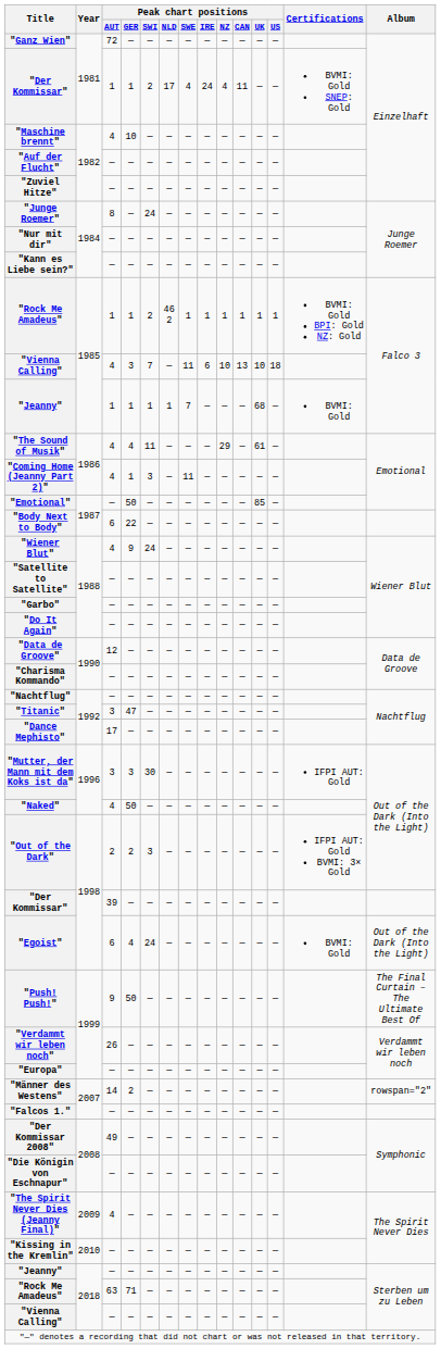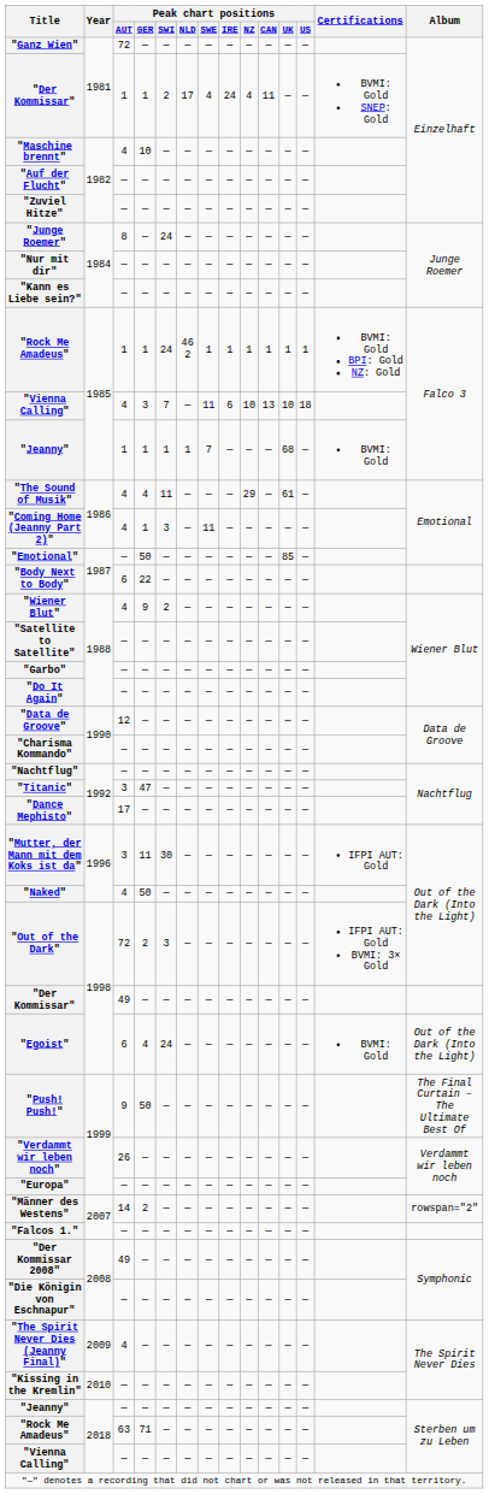 <table class="wikitable plainrowheaders" style="text-align:center;">
 <tr>
 <th scope="col" rowspan="2" style="width:22.5em;">Title</th>
 <th scope="col" rowspan="2" style="width:1em;">Year</th>
 <th scope="col" colspan="10">Peak chart positions</th>
 <th scope="col" rowspan="2" style="width:13em;"><a href='#'>Certifications</a></th>
 <th scope="col" rowspan="2" style="width:16.5em;">Album</th>
 </tr>
 <tr>
 <th scope="col" style="width:2.5em;font-size:90%"><a href='#'>AUT</a><br></th>
 <th scope="col" style="width:2.5em;font-size:90%"><a href='#'>GER</a><br></th>
 <th scope="col" style="width:2.5em;font-size:90%"><a href='#'>SWI</a><br></th>
 <th scope="col" style="width:2.5em;font-size:90%"><a href='#'>NLD</a><br></th>
 <th scope="col" style="width:2.5em;font-size:90%"><a href='#'>SWE</a><br></th>
 <th scope="col" style="width:2.5em;font-size:90%"><a href='#'>IRE</a><br></th>
 <th scope="col" style="width:2.5em;font-size:90%"><a href='#'>NZ</a><br></th>
 <th scope="col" style="width:2.5em;font-size:90%"><a href='#'>CAN</a><br></th>
 <th scope="col" style="width:2.5em;font-size:90%"><a href='#'>UK</a><br></th>
 <th scope="col" style="width:2.5em;font-size:90%"><a href='#'>US</a><br></th>
 </tr>
 <tr>
 <th scope="row">"<a href='#'>Ganz Wien</a>"</th>
 <td rowspan="2">1981</td>
 <td>72</td>
 <td>—</td>
 <td>—</td>
 <td>—</td>
 <td>—</td>
 <td>—</td>
 <td>—</td>
 <td>—</td>
 <td>—</td>
 <td>—</td>
 <td></td>
 <td rowspan="5"><em>Einzelhaft</em></td>
 </tr>
 <tr>
 <th scope="row">"<a href='#'>Der Kommissar</a>"</th>
 <td>1</td>
 <td>1</td>
 <td>2</td>
 <td>17</td>
 <td>4</td>
 <td>24</td>
 <td>4</td>
 <td>11</td>
 <td>—</td>
 <td>—</td>
 <td><br><ul><li>BVMI: Gold</li><li><a href='#'>SNEP</a>: Gold</li></ul></td>
 </tr>
 <tr>
 <th scope="row">"<a href='#'>Maschine brennt</a>"</th>
 <td rowspan="3">1982</td>
 <td>4</td>
 <td>10</td>
 <td>—</td>
 <td>—</td>
 <td>—</td>
 <td>—</td>
 <td>—</td>
 <td>—</td>
 <td>—</td>
 <td>—</td>
 <td></td>
 </tr>
 <tr>
 <th scope="row">"<a href='#'>Auf der Flucht</a>"</th>
 <td>—</td>
 <td>—</td>
 <td>—</td>
 <td>—</td>
 <td>—</td>
 <td>—</td>
 <td>—</td>
 <td>—</td>
 <td>—</td>
 <td>—</td>
 <td></td>
 </tr>
 <tr>
 <th scope="row">"Zuviel Hitze"</th>
 <td>—</td>
 <td>—</td>
 <td>—</td>
 <td>—</td>
 <td>—</td>
 <td>—</td>
 <td>—</td>
 <td>—</td>
 <td>—</td>
 <td>—</td>
 <td></td>
 </tr>
 <tr>
 <th scope="row">"<a href='#'>Junge Roemer</a>"</th>
 <td rowspan="3">1984</td>
 <td>8</td>
 <td>—</td>
 <td>24</td>
 <td>—</td>
 <td>—</td>
 <td>—</td>
 <td>—</td>
 <td>—</td>
 <td>—</td>
 <td>—</td>
 <td></td>
 <td rowspan="3"><em>Junge Roemer</em></td>
 </tr>
 <tr>
 <th scope="row">"Nur mit dir"</th>
 <td>—</td>
 <td>—</td>
 <td>—</td>
 <td>—</td>
 <td>—</td>
 <td>—</td>
 <td>—</td>
 <td>—</td>
 <td>—</td>
 <td>—</td>
 <td></td>
 </tr>
 <tr>
 <th scope="row">"Kann es Liebe sein?"<br></th>
 <td>—</td>
 <td>—</td>
 <td>—</td>
 <td>—</td>
 <td>—</td>
 <td>—</td>
 <td>—</td>
 <td>—</td>
 <td>—</td>
 <td>—</td>
 <td></td>
 </tr>
 <tr>
 <th scope="row">"<a href='#'>Rock Me Amadeus</a>"</th>
 <td rowspan="3">1985</td>
 <td>1</td>
 <td>1</td>
-<td>2</td>
+<td>24</td>
 <td>46<br>2</td>
 <td>1</td>
 <td>1</td>
 <td>1</td>
 <td>1</td>
 <td>1</td>
 <td>1</td>
 <td><br><ul><li>BVMI: Gold</li><li><a href='#'>BPI</a>: Gold</li><li><a href='#'>NZ</a>: Gold</li></ul></td>
 <td rowspan="3"><em>Falco 3</em></td>
 </tr>
 <tr>
 <th scope="row">"<a href='#'>Vienna Calling</a>"</th>
 <td>4</td>
 <td>3</td>
 <td>7</td>
 <td>—</td>
 <td>11</td>
 <td>6</td>
 <td>10</td>
 <td>13</td>
 <td>10</td>
 <td>18</td>
 <td></td>
 </tr>
 <tr>
 <th scope="row">"<a href='#'>Jeanny</a>"</th>
 <td>1</td>
 <td>1</td>
 <td>1</td>
 <td>1</td>
 <td>7</td>
 <td>—</td>
 <td>—</td>
 <td>—</td>
 <td>68</td>
 <td>—</td>
 <td><br><ul><li>BVMI: Gold</li></ul></td>
 </tr>
 <tr>
 <th scope="row">"<a href='#'>The Sound of Musik</a>"</th>
 <td rowspan="2">1986</td>
 <td>4</td>
 <td>4</td>
 <td>11</td>
 <td>—</td>
 <td>—</td>
 <td>—</td>
 <td>29</td>
 <td>—</td>
 <td>61</td>
 <td>—</td>
 <td></td>
 <td rowspan="3"><em>Emotional</em></td>
 </tr>
 <tr>
 <th scope="row">"<a href='#'>Coming Home (Jeanny Part 2)</a>"</th>
 <td>4</td>
 <td>1</td>
 <td>3</td>
 <td>—</td>
 <td>11</td>
 <td>—</td>
 <td>—</td>
 <td>—</td>
 <td>—</td>
 <td>—</td>
 <td></td>
 </tr>
 <tr>
 <th scope="row">"<a href='#'>Emotional</a>"</th>
 <td rowspan="2">1987</td>
 <td>—</td>
 <td>50</td>
 <td>—</td>
 <td>—</td>
 <td>—</td>
 <td>—</td>
 <td>—</td>
 <td>—</td>
 <td>85</td>
 <td>—</td>
 <td></td>
 </tr>
 <tr>
 <th scope="row">"<a href='#'>Body Next to Body</a>"<br></th>
 <td>6</td>
 <td>22</td>
 <td>—</td>
 <td>—</td>
 <td>—</td>
 <td>—</td>
 <td>—</td>
 <td>—</td>
 <td>—</td>
 <td>—</td>
 <td></td>
 <td></td>
 </tr>
 <tr>
 <th scope="row">"<a href='#'>Wiener Blut</a>"</th>
 <td rowspan="4">1988</td>
 <td>4</td>
 <td>9</td>
-<td>24</td>
+<td>2</td>
 <td>—</td>
 <td>—</td>
 <td>—</td>
 <td>—</td>
 <td>—</td>
 <td>—</td>
 <td>—</td>
 <td></td>
 <td rowspan="4"><em>Wiener Blut</em></td>
 </tr>
 <tr>
 <th scope="row">"Satellite to Satellite"</th>
 <td>—</td>
 <td>—</td>
 <td>—</td>
 <td>—</td>
 <td>—</td>
 <td>—</td>
 <td>—</td>
 <td>—</td>
 <td>—</td>
 <td>—</td>
 <td></td>
 </tr>
 <tr>
 <th scope="row">"Garbo"</th>
 <td>—</td>
 <td>—</td>
 <td>—</td>
 <td>—</td>
 <td>—</td>
 <td>—</td>
 <td>—</td>
 <td>—</td>
 <td>—</td>
 <td>—</td>
 </tr>
 <tr>
 <th scope="row">"<a href='#'>Do It Again</a>"</th>
 <td>—</td>
 <td>—</td>
 <td>—</td>
 <td>—</td>
 <td>—</td>
 <td>—</td>
 <td>—</td>
 <td>—</td>
 <td>—</td>
 <td>—</td>
 <td></td>
 </tr>
 <tr>
 <th scope="row">"<a href='#'>Data de Groove</a>"</th>
 <td rowspan="2">1990</td>
 <td>12</td>
 <td>—</td>
 <td>—</td>
 <td>—</td>
 <td>—</td>
 <td>—</td>
 <td>—</td>
 <td>—</td>
 <td>—</td>
 <td>—</td>
 <td></td>
 <td rowspan="2"><em>Data de Groove</em></td>
 </tr>
 <tr>
 <th scope="row">"Charisma Kommando"</th>
 <td>—</td>
 <td>—</td>
 <td>—</td>
 <td>—</td>
 <td>—</td>
 <td>—</td>
 <td>—</td>
 <td>—</td>
 <td>—</td>
 <td>—</td>
 <td></td>
 </tr>
 <tr>
 <th scope="row">"Nachtflug"</th>
 <td rowspan="3">1992</td>
 <td>—</td>
 <td>—</td>
 <td>—</td>
 <td>—</td>
 <td>—</td>
 <td>—</td>
 <td>—</td>
 <td>—</td>
 <td>—</td>
 <td>—</td>
 <td></td>
 <td rowspan="3"><em>Nachtflug</em></td>
 </tr>
 <tr>
 <th scope="row">"<a href='#'>Titanic</a>"</th>
 <td>3</td>
 <td>47</td>
 <td>—</td>
 <td>—</td>
 <td>—</td>
 <td>—</td>
 <td>—</td>
 <td>—</td>
 <td>—</td>
 <td>—</td>
 <td></td>
 </tr>
 <tr>
 <th scope="row">"<a href='#'>Dance Mephisto</a>"</th>
 <td>17</td>
 <td>—</td>
 <td>—</td>
 <td>—</td>
 <td>—</td>
 <td>—</td>
 <td>—</td>
 <td>—</td>
 <td>—</td>
 <td>—</td>
 <td></td>
 </tr>
 <tr>
 <th scope="row">"<a href='#'>Mutter, der Mann mit dem Koks ist da</a>"</th>
 <td rowspan="2">1996</td>
 <td>3</td>
-<td>3</td>
+<td>11</td>
 <td>30</td>
 <td>—</td>
 <td>—</td>
 <td>—</td>
 <td>—</td>
 <td>—</td>
 <td>—</td>
 <td>—</td>
 <td><br><ul><li>IFPI AUT: Gold</li></ul></td>
 <td rowspan="3"><em>Out of the Dark (Into the Light)</em></td>
 </tr>
 <tr>
 <th scope="row">"<a href='#'>Naked</a>"</th>
 <td>4</td>
 <td>50</td>
 <td>—</td>
 <td>—</td>
 <td>—</td>
 <td>—</td>
 <td>—</td>
 <td>—</td>
 <td>—</td>
 <td>—</td>
 <td></td>
 </tr>
 <tr>
 <th scope="row">"<a href='#'>Out of the Dark</a>"</th>
 <td rowspan="3">1998</td>
-<td>2</td>
+<td>72</td>
 <td>2</td>
 <td>3</td>
 <td>—</td>
 <td>—</td>
 <td>—</td>
 <td>—</td>
 <td>—</td>
 <td>—</td>
 <td>—</td>
 <td><br><ul><li>IFPI AUT: Gold</li><li>BVMI: 3× Gold</li></ul></td>
 </tr>
 <tr>
 <th scope="row">"Der Kommissar"<br></th>
-<td>39</td>
+<td>49</td>
 <td>—</td>
 <td>—</td>
 <td>—</td>
 <td>—</td>
 <td>—</td>
 <td>—</td>
 <td>—</td>
 <td>—</td>
 <td>—</td>
 <td></td>
 <td></td>
 </tr>
 <tr>
 <th scope="row">"<a href='#'>Egoist</a>"</th>
 <td>6</td>
 <td>4</td>
 <td>24</td>
 <td>—</td>
 <td>—</td>
 <td>—</td>
 <td>—</td>
 <td>—</td>
 <td>—</td>
 <td>—</td>
 <td><br><ul><li>BVMI: Gold</li></ul></td>
 <td><em>Out of the Dark (Into the Light)</em></td>
 </tr>
 <tr>
 <th scope="row">"<a href='#'>Push! Push!</a>"</th>
 <td rowspan="3">1999</td>
 <td>9</td>
 <td>50</td>
 <td>—</td>
 <td>—</td>
 <td>—</td>
 <td>—</td>
 <td>—</td>
 <td>—</td>
 <td>—</td>
 <td>—</td>
 <td></td>
 <td><em>The Final Curtain – The Ultimate Best Of</em></td>
 </tr>
 <tr>
 <th scope="row">"<a href='#'>Verdammt wir leben noch</a>"</th>
 <td>26</td>
 <td>—</td>
 <td>—</td>
 <td>—</td>
 <td>—</td>
 <td>—</td>
 <td>—</td>
 <td>—</td>
 <td>—</td>
 <td>—</td>
 <td></td>
 <td rowspan="2"><em>Verdammt wir leben noch</em></td>
 </tr>
 <tr>
 <th scope="row">"Europa"</th>
 <td>—</td>
 <td>—</td>
 <td>—</td>
 <td>—</td>
 <td>—</td>
 <td>—</td>
 <td>—</td>
 <td>—</td>
 <td>—</td>
 <td>—</td>
 <td></td>
 </tr>
 <tr>
 <th scope="row">"Männer des Westens"<br></th>
 <td rowspan="2">2007</td>
 <td>14</td>
 <td>2</td>
 <td>—</td>
 <td>—</td>
 <td>—</td>
 <td>—</td>
 <td>—</td>
 <td>—</td>
 <td>—</td>
 <td>—</td>
 <td></td>
 <td>rowspan="2" </td>
 </tr>
 <tr>
 <th scope="row">"Falcos 1."<br></th>
 <td>—</td>
 <td>—</td>
 <td>—</td>
 <td>—</td>
 <td>—</td>
 <td>—</td>
 <td>—</td>
 <td>—</td>
 <td>—</td>
 <td>—</td>
 <td></td>
 </tr>
 <tr>
 <th scope="row">"Der Kommissar 2008"</th>
 <td rowspan="2">2008</td>
 <td>49</td>
 <td>—</td>
 <td>—</td>
 <td>—</td>
 <td>—</td>
 <td>—</td>
 <td>—</td>
 <td>—</td>
 <td>—</td>
 <td>—</td>
 <td></td>
 <td rowspan="2"><em>Symphonic</em></td>
 </tr>
 <tr>
 <th scope="row">"Die Königin von Eschnapur"</th>
 <td>—</td>
 <td>—</td>
 <td>—</td>
 <td>—</td>
 <td>—</td>
 <td>—</td>
 <td>—</td>
 <td>—</td>
 <td>—</td>
 <td>—</td>
 <td></td>
 </tr>
 <tr>
 <th scope="row">"<a href='#'>The Spirit Never Dies (Jeanny Final)</a>"</th>
 <td>2009</td>
 <td>4</td>
 <td>—</td>
 <td>—</td>
 <td>—</td>
 <td>—</td>
 <td>—</td>
 <td>—</td>
 <td>—</td>
 <td>—</td>
 <td>—</td>
 <td></td>
 <td rowspan="2"><em>The Spirit Never Dies</em></td>
 </tr>
 <tr>
 <th scope="row">"Kissing in the Kremlin"</th>
 <td>2010</td>
 <td>—</td>
 <td>—</td>
 <td>—</td>
 <td>—</td>
 <td>—</td>
 <td>—</td>
 <td>—</td>
 <td>—</td>
 <td>—</td>
 <td>—</td>
 <td></td>
 </tr>
 <tr>
 <th scope="row">"Jeanny"<br></th>
 <td rowspan="3">2018</td>
 <td>—</td>
 <td>—</td>
 <td>—</td>
 <td>—</td>
 <td>—</td>
 <td>—</td>
 <td>—</td>
 <td>—</td>
 <td>—</td>
 <td>—</td>
 <td></td>
 <td rowspan="3"><em>Sterben um zu Leben</em></td>
 </tr>
 <tr>
 <th scope="row">"Rock Me Amadeus"<br></th>
 <td>63</td>
 <td>71</td>
 <td>—</td>
 <td>—</td>
 <td>—</td>
 <td>—</td>
 <td>—</td>
 <td>—</td>
 <td>—</td>
 <td>—</td>
 <td></td>
 </tr>
 <tr>
 <th scope="row">"Vienna Calling"<br></th>
 <td>—</td>
 <td>—</td>
 <td>—</td>
 <td>—</td>
 <td>—</td>
 <td>—</td>
 <td>—</td>
 <td>—</td>
 <td>—</td>
 <td>—</td>
 <td></td>
 </tr>
 <tr>
 <td colspan="14" style="font-size:90%">"—" denotes a recording that did not chart or was not released in that territory.</td>
 </tr>
 </table>
